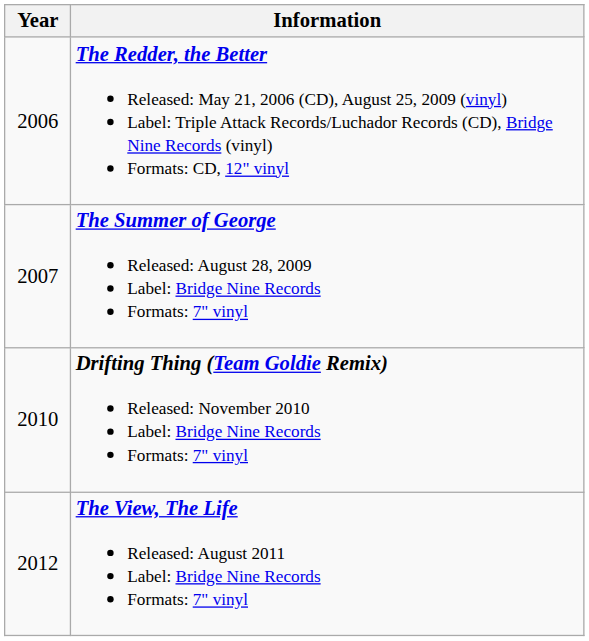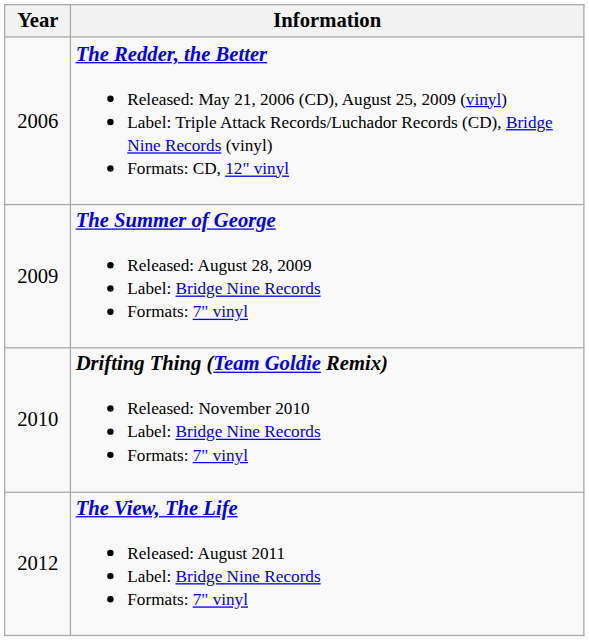 <table class="wikitable">
 <tr>
 <th rowspan="1" width="44">Year</th>
 <th rowspan="1" width="390">Information</th>
 </tr>
 <tr>
 <td align=center width="44">2006</td>
 <td width="390"><strong><em><a href='#'>The Redder, the Better</a></em></strong><br><ul><li><small>Released: May 21, 2006 (CD), August 25, 2009 (<a href='#'>vinyl</a>)</small></li><li><small>Label: Triple Attack Records/Luchador Records (CD), <a href='#'>Bridge Nine Records</a> (vinyl)</small></li><li><small>Formats: CD, <a href='#'>12" vinyl</a></small></li></ul></td>
 </tr>
 <tr>
-<td align=center width="44">2007</td>
+<td align=center width="44">2009</td>
 <td width="390"><strong><em><a href='#'>The Summer of George</a></em></strong><br><ul><li><small>Released: August 28, 2009</small></li><li><small>Label: <a href='#'>Bridge Nine Records</a></small></li><li><small>Formats: <a href='#'>7" vinyl</a></small></li></ul></td>
 </tr>
 <tr>
 <td align=center width="44">2010</td>
 <td width="390"><strong><em>Drifting Thing (<a href='#'>Team Goldie</a> Remix)</em></strong><br><ul><li><small>Released: November 2010</small></li><li><small>Label: <a href='#'>Bridge Nine Records</a></small></li><li><small>Formats: <a href='#'>7" vinyl</a></small></li></ul></td>
 </tr>
 <tr>
 <td align=center width="44">2012</td>
 <td width="390"><strong><em><a href='#'>The View, The Life</a></em></strong><br><ul><li><small>Released: August 2011</small></li><li><small>Label: <a href='#'>Bridge Nine Records</a></small></li><li><small>Formats: <a href='#'>7" vinyl</a></small></li></ul></td>
 </tr>
 </table>
